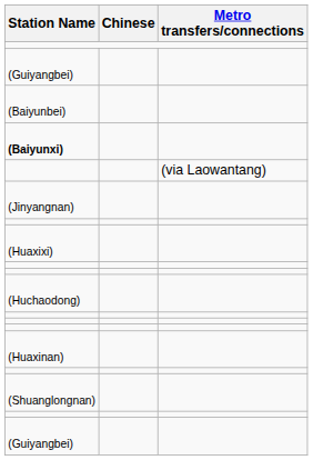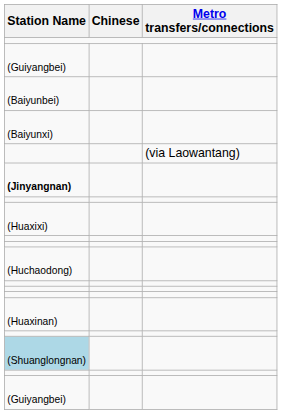 <table class="wikitable">
 <tr>
 <th>Station Name</th>
 <th>Chinese<br> </th>
 <th><a href='#'>Metro</a><br>transfers/connections<br></th>
 </tr>
 <tr style="background:#">
 <td colspan = "11"></td>
 </tr>
 <tr>
 <td><br><small>(Guiyangbei)</small></td>
 <td></td>
 <td> </td>
 </tr>
 <tr>
 <td><br><small>(Baiyunbei)</small></td>
 <td></td>
 <td></td>
 </tr>
 <tr>
-<td><strong><br><small>(Baiyunxi)</small></strong></td>
+<td><br><small>(Baiyunxi)</small></td>
 <td></td>
 <td></td>
 </tr>
 <tr>
 <td></td>
 <td></td>
 <td>  (via Laowantang)</td>
 </tr>
 <tr>
-<td><br><small>(Jinyangnan)</small></td>
+<td><strong><br><small>(Jinyangnan)</small></strong></td>
 <td></td>
 <td></td>
 </tr>
 <tr>
 <td></td>
 <td></td>
 <td></td>
 </tr>
 <tr>
 <td><br><small>(Huaxixi)</small></td>
 <td></td>
 <td></td>
 </tr>
 <tr>
 <td></td>
 <td></td>
 <td> </td>
 </tr>
 <tr>
 <td></td>
 <td></td>
 <td></td>
 </tr>
 <tr>
 <td><br><small>(Huchaodong)</small></td>
 <td></td>
 <td></td>
 </tr>
 <tr>
 <td></td>
 <td></td>
 <td></td>
 </tr>
 <tr>
 <td></td>
 <td></td>
 <td></td>
 </tr>
 <tr>
 <td></td>
 <td></td>
 <td></td>
 </tr>
 <tr>
 <td><br><small>(Huaxinan)</small></td>
 <td></td>
 <td> </td>
 </tr>
 <tr>
 <td></td>
 <td></td>
 <td></td>
 </tr>
 <tr>
-<td><br><small>(Shuanglongnan)</small></td>
+<td style="background: lightblue;"><br><small>(Shuanglongnan)</small></td>
 <td></td>
 <td></td>
 </tr>
 <tr>
 <td></td>
 <td></td>
 <td> </td>
 </tr>
 <tr>
 <td><br><small>(Guiyangbei)</small></td>
 <td></td>
 <td> </td>
 </tr>
 </table>
